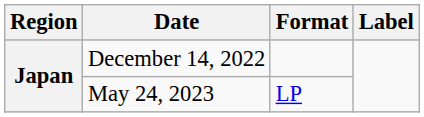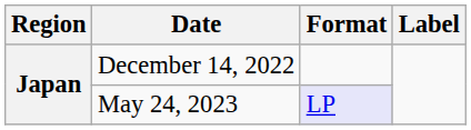 <table class="wikitable plainrowheaders">
 <tr>
 <th scope="col">Region</th>
 <th scope="col">Date</th>
 <th scope="col">Format</th>
 <th scope="col">Label</th>
 </tr>
 <tr>
 <th rowspan="2" scope="row">Japan</th>
 <td>December 14, 2022</td>
 <td></td>
 <td rowspan="2"></td>
 </tr>
 <tr>
 <td>May 24, 2023</td>
-<td><a href='#'>LP</a></td>
+<td style="background: lavender;"><a href='#'>LP</a></td>
 </tr>
 </table>
